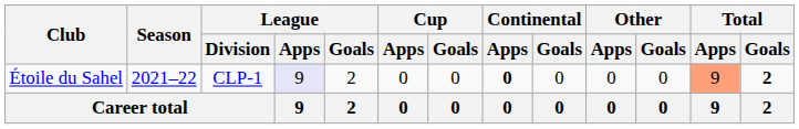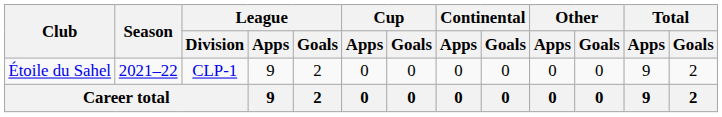 <table class="wikitable" style="text-align: center">
 <tr>
 <th rowspan="2">Club</th>
 <th rowspan="2">Season</th>
 <th colspan="3">League</th>
 <th colspan="2">Cup</th>
 <th colspan="2">Continental</th>
 <th colspan="2">Other</th>
 <th colspan="2">Total</th>
 </tr>
 <tr>
 <th>Division</th>
 <th>Apps</th>
 <th>Goals</th>
 <th>Apps</th>
 <th>Goals</th>
 <th>Apps</th>
 <th>Goals</th>
 <th>Apps</th>
 <th>Goals</th>
 <th>Apps</th>
 <th>Goals</th>
 </tr>
 <tr>
 <td><a href='#'>Étoile du Sahel</a></td>
 <td><a href='#'>2021–22</a></td>
 <td><a href='#'>CLP-1</a></td>
-<td style="background: lavender;">9</td>
+<td>9</td>
 <td>2</td>
 <td>0</td>
 <td>0</td>
-<td><strong>0</strong></td>
 <td>0</td>
 <td>0</td>
 <td>0</td>
-<td style="background: lightsalmon;">9</td>
-<td><strong>2</strong></td>
+<td>0</td>
+<td>9</td>
+<td>2</td>
 </tr>
 <tr>
 <th colspan=3>Career total</th>
 <th>9</th>
 <th>2</th>
 <th>0</th>
 <th>0</th>
 <th>0</th>
 <th>0</th>
 <th>0</th>
 <th>0</th>
 <th>9</th>
 <th>2</th>
 </tr>
 </table>
